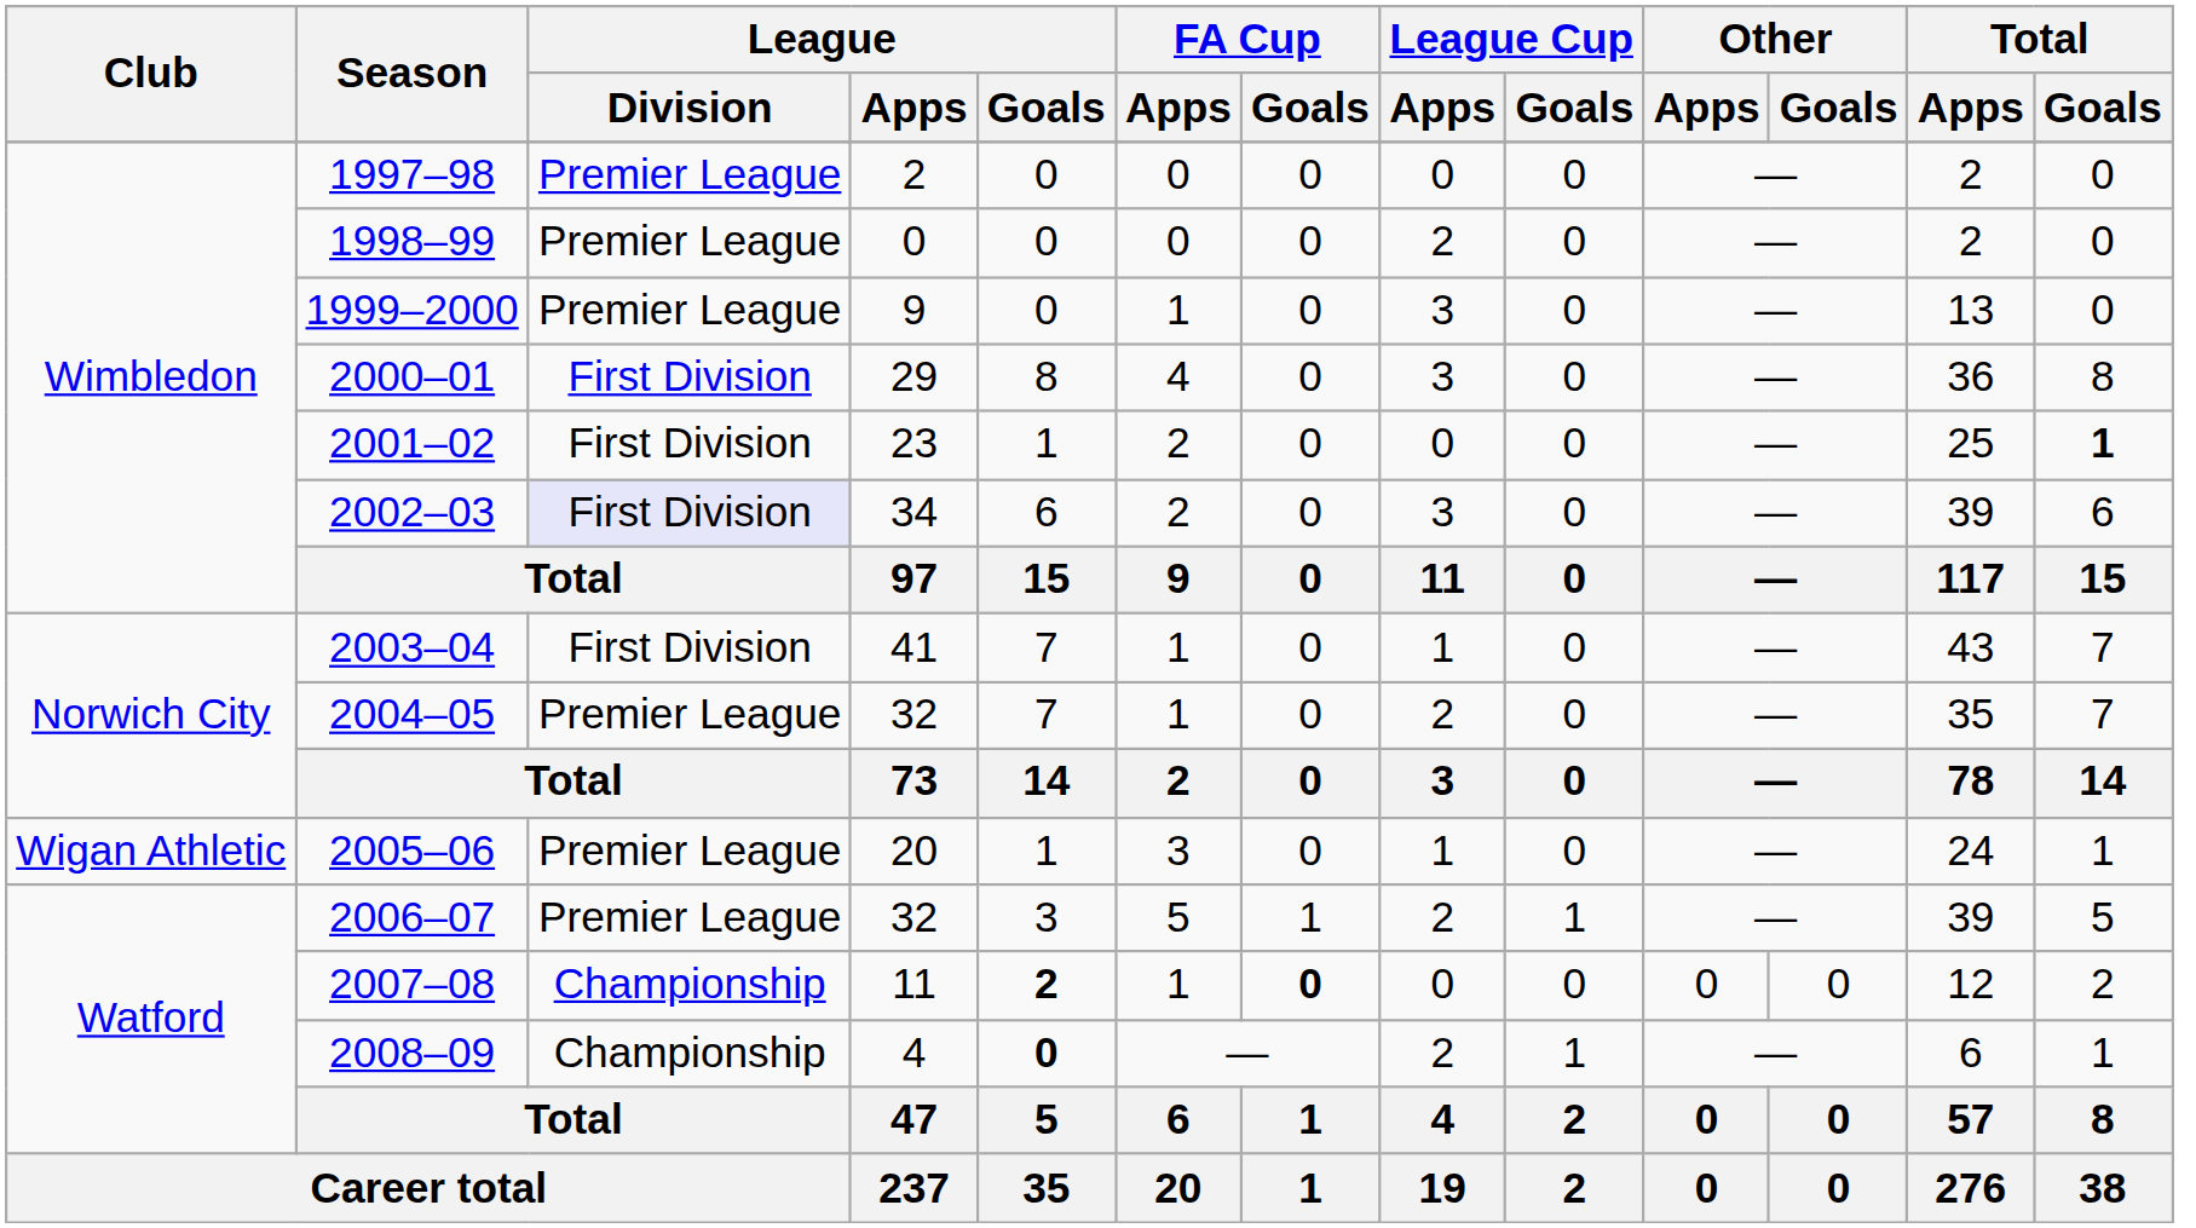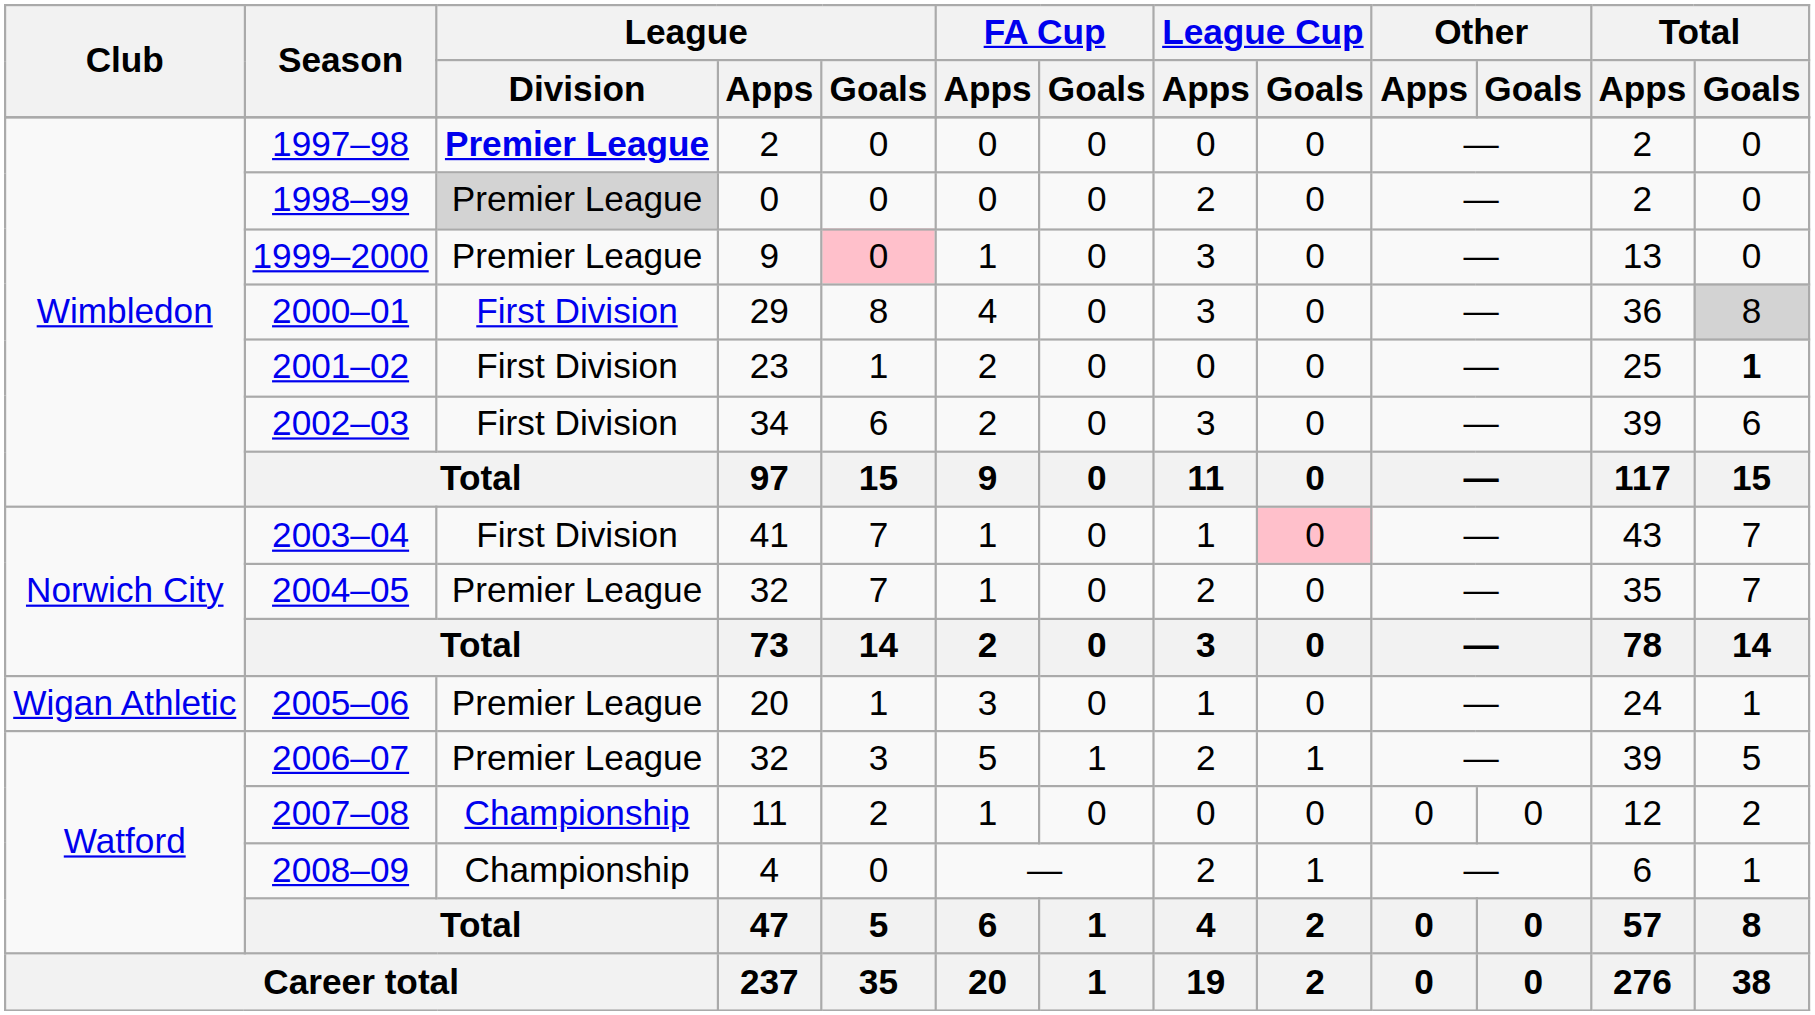 <table class="wikitable" style="text-align:center">
 <tr>
 <th rowspan="2">Club</th>
 <th rowspan="2">Season</th>
 <th colspan="3">League</th>
 <th colspan="2"><a href='#'>FA Cup</a></th>
 <th colspan="2"><a href='#'>League Cup</a></th>
 <th colspan="2">Other</th>
 <th colspan="2">Total</th>
 </tr>
 <tr>
 <th>Division</th>
 <th>Apps</th>
 <th>Goals</th>
 <th>Apps</th>
 <th>Goals</th>
 <th>Apps</th>
 <th>Goals</th>
 <th>Apps</th>
 <th>Goals</th>
 <th>Apps</th>
 <th>Goals</th>
 </tr>
 <tr>
 </tr>
 <tr>
 <td rowspan="7"><a href='#'>Wimbledon</a></td>
 <td><a href='#'>1997–98</a></td>
-<td><a href='#'>Premier League</a></td>
+<td><strong><a href='#'>Premier League</a></strong></td>
 <td>2</td>
 <td>0</td>
 <td>0</td>
 <td>0</td>
 <td>0</td>
 <td>0</td>
 <td colspan="2">—</td>
 <td>2</td>
 <td>0</td>
 </tr>
 <tr>
 <td><a href='#'>1998–99</a></td>
-<td>Premier League</td>
+<td style="background: lightgrey;">Premier League</td>
 <td>0</td>
 <td>0</td>
 <td>0</td>
 <td>0</td>
 <td>2</td>
 <td>0</td>
 <td colspan="2">—</td>
 <td>2</td>
 <td>0</td>
 </tr>
 <tr>
 <td><a href='#'>1999–2000</a></td>
 <td>Premier League</td>
 <td>9</td>
-<td>0</td>
+<td style="background: pink;">0</td>
 <td>1</td>
 <td>0</td>
 <td>3</td>
 <td>0</td>
 <td colspan="2">—</td>
 <td>13</td>
 <td>0</td>
 </tr>
 <tr>
 <td><a href='#'>2000–01</a></td>
 <td><a href='#'>First Division</a></td>
 <td>29</td>
 <td>8</td>
 <td>4</td>
 <td>0</td>
 <td>3</td>
 <td>0</td>
 <td colspan="2">—</td>
 <td>36</td>
-<td>8</td>
+<td style="background: lightgrey;">8</td>
 </tr>
 <tr>
 <td><a href='#'>2001–02</a></td>
 <td>First Division</td>
 <td>23</td>
 <td>1</td>
 <td>2</td>
 <td>0</td>
 <td>0</td>
 <td>0</td>
 <td colspan="2">—</td>
 <td>25</td>
 <td><strong>1</strong></td>
 </tr>
 <tr>
 <td><a href='#'>2002–03</a></td>
-<td style="background: lavender;">First Division</td>
+<td>First Division</td>
 <td>34</td>
 <td>6</td>
 <td>2</td>
 <td>0</td>
 <td>3</td>
 <td>0</td>
 <td colspan="2">—</td>
 <td>39</td>
 <td>6</td>
 </tr>
 <tr>
 <th colspan="2">Total</th>
 <th>97</th>
 <th>15</th>
 <th>9</th>
 <th>0</th>
 <th>11</th>
 <th>0</th>
 <th colspan="2">—</th>
 <th>117</th>
 <th>15</th>
 </tr>
 <tr>
 <td rowspan="3"><a href='#'>Norwich City</a></td>
 <td><a href='#'>2003–04</a></td>
 <td>First Division</td>
 <td>41</td>
 <td>7</td>
 <td>1</td>
 <td>0</td>
 <td>1</td>
-<td>0</td>
+<td style="background: pink;">0</td>
 <td colspan="2">—</td>
 <td>43</td>
 <td>7</td>
 </tr>
 <tr>
 <td><a href='#'>2004–05</a></td>
 <td>Premier League</td>
 <td>32</td>
 <td>7</td>
 <td>1</td>
 <td>0</td>
 <td>2</td>
 <td>0</td>
 <td colspan="2">—</td>
 <td>35</td>
 <td>7</td>
 </tr>
 <tr>
 <th colspan="2">Total</th>
 <th>73</th>
 <th>14</th>
 <th>2</th>
 <th>0</th>
 <th>3</th>
 <th>0</th>
 <th colspan="2">—</th>
 <th>78</th>
 <th>14</th>
 </tr>
 <tr>
 <td><a href='#'>Wigan Athletic</a></td>
 <td><a href='#'>2005–06</a></td>
 <td>Premier League</td>
 <td>20</td>
 <td>1</td>
 <td>3</td>
 <td>0</td>
 <td>1</td>
 <td>0</td>
 <td colspan="2">—</td>
 <td>24</td>
 <td>1</td>
 </tr>
 <tr>
 <td rowspan="4"><a href='#'>Watford</a></td>
 <td><a href='#'>2006–07</a></td>
 <td>Premier League</td>
 <td>32</td>
 <td>3</td>
 <td>5</td>
 <td>1</td>
 <td>2</td>
 <td>1</td>
 <td colspan="2">—</td>
 <td>39</td>
 <td>5</td>
 </tr>
 <tr>
 <td><a href='#'>2007–08</a></td>
 <td><a href='#'>Championship</a></td>
 <td>11</td>
-<td><strong>2</strong></td>
+<td>2</td>
 <td>1</td>
-<td><strong>0</strong></td>
+<td>0</td>
 <td>0</td>
 <td>0</td>
 <td>0</td>
 <td>0</td>
 <td>12</td>
 <td>2</td>
 </tr>
 <tr>
 <td><a href='#'>2008–09</a></td>
 <td>Championship</td>
 <td>4</td>
-<td><strong>0</strong></td>
+<td>0</td>
 <td colspan="2">—</td>
 <td>2</td>
 <td>1</td>
 <td colspan="2">—</td>
 <td>6</td>
 <td>1</td>
 </tr>
 <tr>
 <th colspan="2">Total</th>
 <th>47</th>
 <th>5</th>
 <th>6</th>
 <th>1</th>
 <th>4</th>
 <th>2</th>
 <th>0</th>
 <th>0</th>
 <th>57</th>
 <th>8</th>
 </tr>
 <tr>
 <th colspan="3">Career total</th>
 <th>237</th>
 <th>35</th>
 <th>20</th>
 <th>1</th>
 <th>19</th>
 <th>2</th>
 <th>0</th>
 <th>0</th>
 <th>276</th>
 <th>38</th>
 </tr>
 </table>
